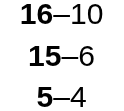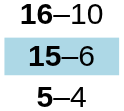 <table style="text-align:center" width=500>
 <tr>
 <th width=30%></th>
 <th width=10%></th>
 <th width=30%></th>
 <th width=10%></th>
 </tr>
 <tr>
 <td align="right"><strong></strong></td>
 <td><strong>16</strong>–10</td>
 <td align="left"></td>
 </tr>
 <tr>
 <td align="right"><strong></strong></td>
-<td><strong>15</strong>–6</td>
+<td style="background: lightblue;"><strong>15</strong>–6</td>
 <td align="left"></td>
 </tr>
 <tr>
 <td align="right"><strong></strong></td>
 <td><strong>5</strong>–4</td>
 <td align="left"></td>
 </tr>
 </table>
